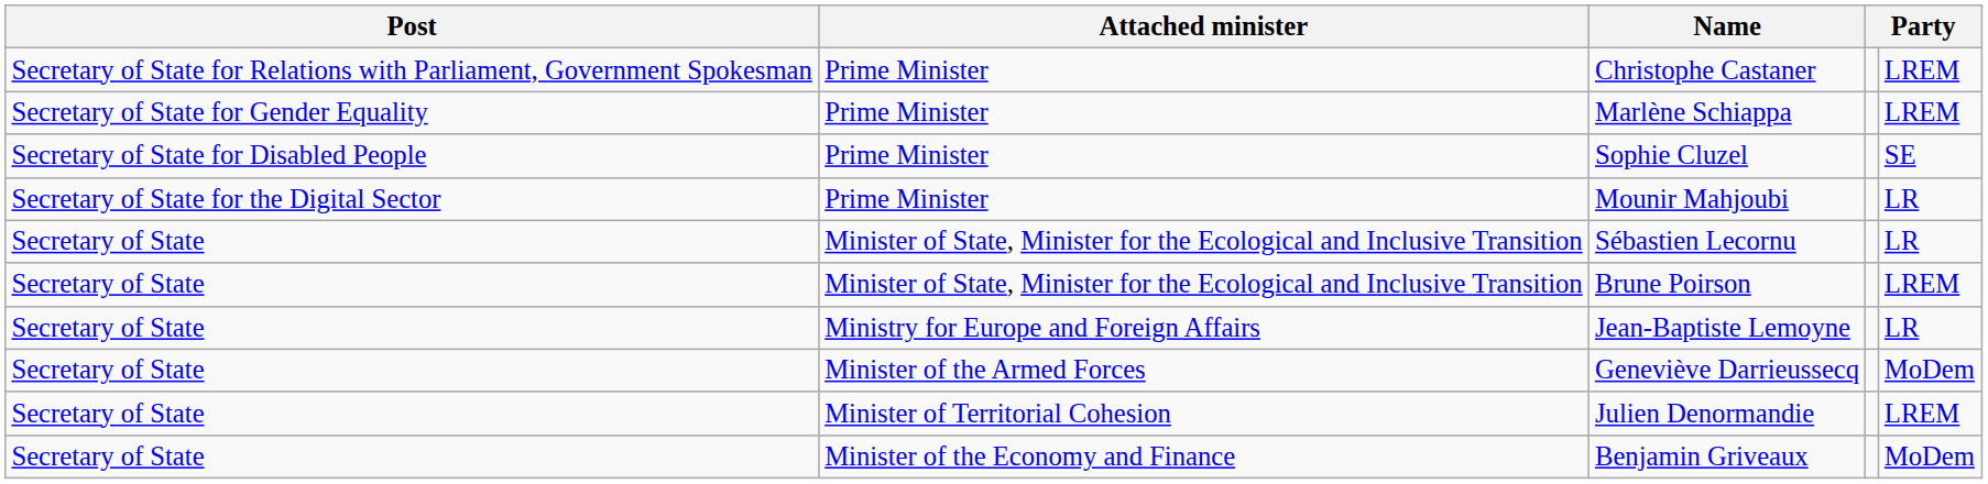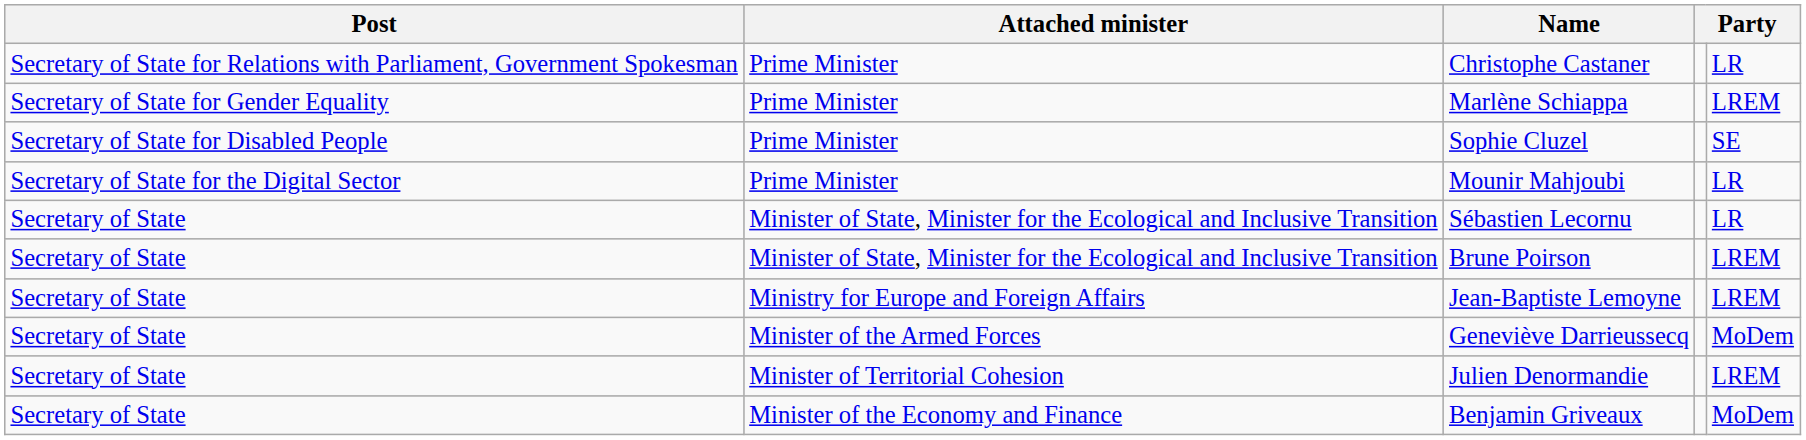 <table class="wikitable">
 <tr>
 <th scope="col">Post</th>
 <th scope="col">Attached minister</th>
 <th scope="col">Name</th>
 <th colspan="2" cope="col">Party</th>
 </tr>
 <tr>
 <td><a href='#'>Secretary of State for Relations with Parliament, Government Spokesman</a></td>
 <td><a href='#'>Prime Minister</a></td>
 <td><a href='#'>Christophe Castaner</a></td>
 <td style="background:"></td>
-<td><a href='#'>LREM</a></td>
+<td><a href='#'>LR</a></td>
 </tr>
 <tr>
 <td><a href='#'>Secretary of State for Gender Equality</a></td>
 <td><a href='#'>Prime Minister</a></td>
 <td><a href='#'>Marlène Schiappa</a></td>
 <td style="background:"></td>
 <td><a href='#'>LREM</a></td>
 </tr>
 <tr>
 <td><a href='#'>Secretary of State for Disabled People</a></td>
 <td><a href='#'>Prime Minister</a></td>
 <td><a href='#'>Sophie Cluzel</a></td>
 <td style="background:"></td>
 <td><a href='#'>SE</a></td>
 </tr>
 <tr>
 <td><a href='#'>Secretary of State for the Digital Sector</a></td>
 <td><a href='#'>Prime Minister</a></td>
 <td><a href='#'>Mounir Mahjoubi</a></td>
 <td style="background:"></td>
 <td><a href='#'>LR</a></td>
 </tr>
 <tr>
 <td><a href='#'>Secretary of State</a></td>
 <td><a href='#'>Minister of State</a>, <a href='#'>Minister for the Ecological and Inclusive Transition</a></td>
 <td><a href='#'>Sébastien Lecornu</a></td>
 <td style="background:"></td>
 <td><a href='#'>LR</a></td>
 </tr>
 <tr>
 <td><a href='#'>Secretary of State</a></td>
 <td><a href='#'>Minister of State</a>, <a href='#'>Minister for the Ecological and Inclusive Transition</a></td>
 <td><a href='#'>Brune Poirson</a></td>
 <td style="background:"></td>
 <td><a href='#'>LREM</a></td>
 </tr>
 <tr>
 <td><a href='#'>Secretary of State</a></td>
 <td><a href='#'>Ministry for Europe and Foreign Affairs</a></td>
 <td><a href='#'>Jean-Baptiste Lemoyne</a></td>
 <td style="background:"></td>
-<td><a href='#'>LR</a></td>
+<td><a href='#'>LREM</a></td>
 </tr>
 <tr>
 <td><a href='#'>Secretary of State</a></td>
 <td><a href='#'>Minister of the Armed Forces</a></td>
 <td><a href='#'>Geneviève Darrieussecq</a></td>
 <td style="background:"></td>
 <td><a href='#'>MoDem</a></td>
 </tr>
 <tr>
 <td><a href='#'>Secretary of State</a></td>
 <td><a href='#'>Minister of Territorial Cohesion</a></td>
 <td><a href='#'>Julien Denormandie</a></td>
 <td style="background:"></td>
 <td><a href='#'>LREM</a></td>
 </tr>
 <tr>
 <td><a href='#'>Secretary of State</a></td>
 <td><a href='#'>Minister of the Economy and Finance</a></td>
 <td><a href='#'>Benjamin Griveaux</a></td>
 <td style="background:"></td>
 <td><a href='#'>MoDem</a></td>
 </tr>
 </table>
